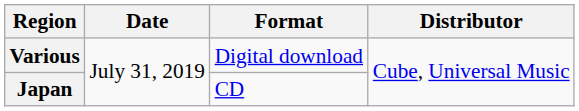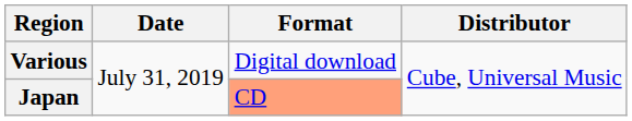 <table class="wikitable plainrowheaders">
 <tr>
 <th>Region</th>
 <th>Date</th>
 <th>Format</th>
 <th>Distributor</th>
 </tr>
 <tr>
 <th scope="row">Various</th>
 <td rowspan="3">July 31, 2019</td>
 <td rowspan="2"><a href='#'>Digital download</a></td>
 <td rowspan="3"><a href='#'>Cube</a>, <a href='#'>Universal Music</a></td>
 </tr>
 <tr>
 <th scope="row" rowspan="2">Japan</th>
 </tr>
 <tr>
-<td><a href='#'>CD</a></td>
+<td style="background: lightsalmon;"><a href='#'>CD</a></td>
 </tr>
 </table>
